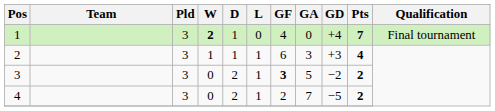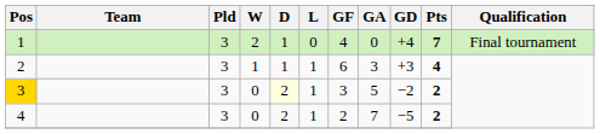 <table class="wikitable" border="1" style="text-align: center;">
 <tr>
 <th width="25"><abbr>Pos</abbr></th>
 <th width="200">Team</th>
 <th width="25"><abbr>Pld</abbr></th>
 <th width="25"><abbr>W</abbr></th>
 <th width="25"><abbr>D</abbr></th>
 <th width="25"><abbr>L</abbr></th>
 <th width="25"><abbr>GF</abbr></th>
 <th width="25"><abbr>GA</abbr></th>
 <th width="25"><abbr>GD</abbr></th>
 <th width="25"><abbr>Pts</abbr></th>
 <th width="150">Qualification</th>
 </tr>
 <tr bgcolor= #D0F0C0>
 <td>1</td>
 <td align="left"></td>
 <td>3</td>
-<td><strong>2</strong></td>
+<td>2</td>
 <td>1</td>
 <td>0</td>
 <td>4</td>
 <td>0</td>
 <td>+4</td>
 <td><strong>7</strong></td>
 <td>Final tournament</td>
 </tr>
 <tr>
 <td>2</td>
 <td align="left"></td>
 <td>3</td>
 <td>1</td>
 <td>1</td>
 <td>1</td>
 <td>6</td>
 <td>3</td>
 <td>+3</td>
 <td><strong>4</strong></td>
 </tr>
 <tr>
-<td>3</td>
+<td style="background: gold;">3</td>
 <td align="left"></td>
 <td>3</td>
 <td>0</td>
-<td>2</td>
+<td style="background: lightyellow;">2</td>
 <td>1</td>
-<td><strong>3</strong></td>
+<td>3</td>
 <td>5</td>
 <td>−2</td>
 <td><strong>2</strong></td>
 </tr>
 <tr>
 <td>4</td>
 <td align="left"></td>
 <td>3</td>
 <td>0</td>
 <td>2</td>
 <td>1</td>
 <td>2</td>
 <td>7</td>
 <td>−5</td>
 <td><strong>2</strong></td>
 </tr>
 <tr>
 </tr>
 </table>
